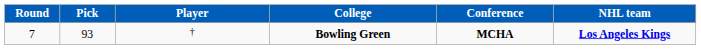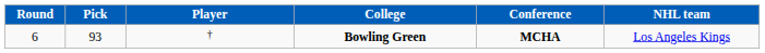 <table class="wikitable sortable" width="75%">
 <tr>
 <th style="color:white; background-color:#005EB8; width: 4em;">Round</th>
 <th style="color:white; background-color:#005EB8; width: 4em;">Pick</th>
 <th style="color:white; background-color:#005EB8; width: 12em;">Player</th>
 <th style="color:white; background-color:#005EB8; width: 13em;">College</th>
 <th style="color:white; background-color:#005EB8; width: 9em;">Conference</th>
 <th style="color:white; background-color:#005EB8; width: 11em;">NHL team</th>
 </tr>
 <tr align="center" bgcolor="">
-<td>7</td>
+<td>6</td>
 <td>93</td>
 <td> <sup>†</sup></td>
 <td><strong>Bowling Green</strong></td>
 <td><strong>MCHA</strong></td>
-<td><strong><a href='#'>Los Angeles Kings</a></strong></td>
+<td><a href='#'>Los Angeles Kings</a></td>
 </tr>
 </table>
